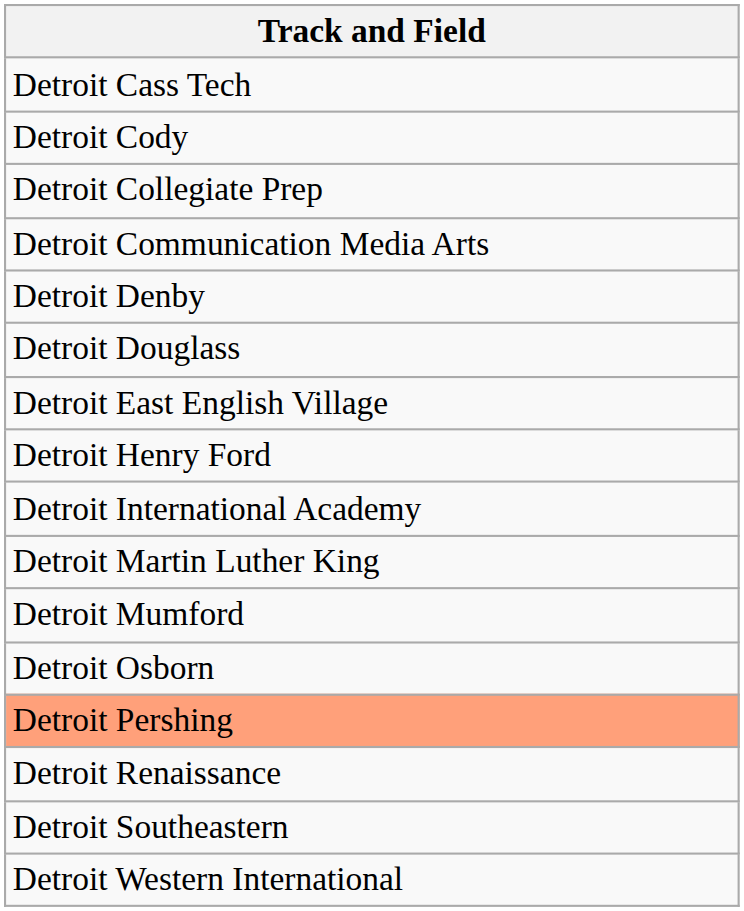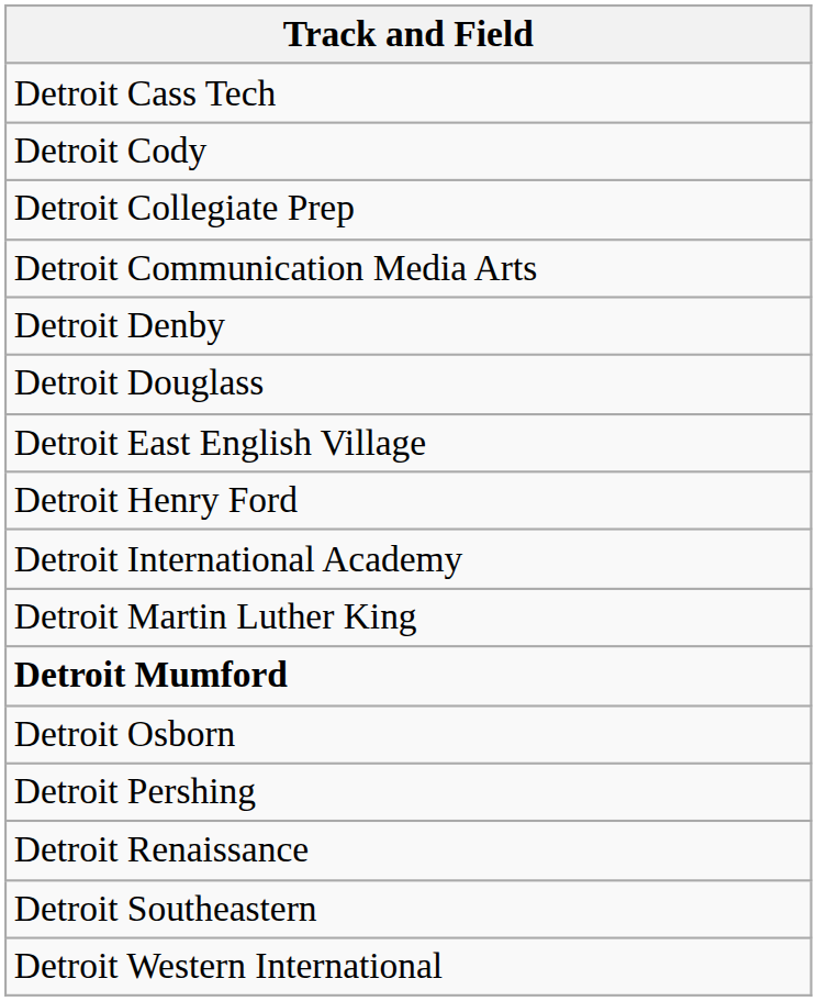 <table class="wikitable collapsible collapsed" style="width:22em">
 <tr>
 <th align=center>Track and Field</th>
 </tr>
 <tr>
 <td>Detroit Cass Tech</td>
 </tr>
 <tr>
 <td>Detroit Cody</td>
 </tr>
 <tr>
 <td>Detroit Collegiate Prep</td>
 </tr>
 <tr>
 <td>Detroit Communication Media Arts</td>
 </tr>
 <tr>
 <td>Detroit Denby</td>
 </tr>
 <tr>
 <td>Detroit Douglass</td>
 </tr>
 <tr>
 <td>Detroit East English Village</td>
 </tr>
 <tr>
 <td>Detroit Henry Ford</td>
 </tr>
 <tr>
 <td>Detroit International Academy</td>
 </tr>
 <tr>
 <td>Detroit Martin Luther King</td>
 </tr>
 <tr>
-<td>Detroit Mumford</td>
+<td><strong>Detroit Mumford</strong></td>
 </tr>
 <tr>
 <td>Detroit Osborn</td>
 </tr>
 <tr>
-<td style="background: lightsalmon;">Detroit Pershing</td>
+<td>Detroit Pershing</td>
 </tr>
 <tr>
 <td>Detroit Renaissance</td>
 </tr>
 <tr>
 <td>Detroit Southeastern</td>
 </tr>
 <tr>
 <td>Detroit Western International</td>
 </tr>
 </table>
